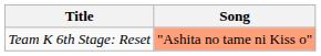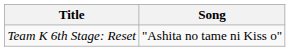 <table class="wikitable">
 <tr>
 <th>Title</th>
 <th>Song</th>
 </tr>
 <tr>
 <td><em>Team K 6th Stage: Reset</em></td>
-<td style="background: lightsalmon;">"Ashita no tame ni Kiss o"</td>
+<td>"Ashita no tame ni Kiss o"</td>
 </tr>
 </table>
